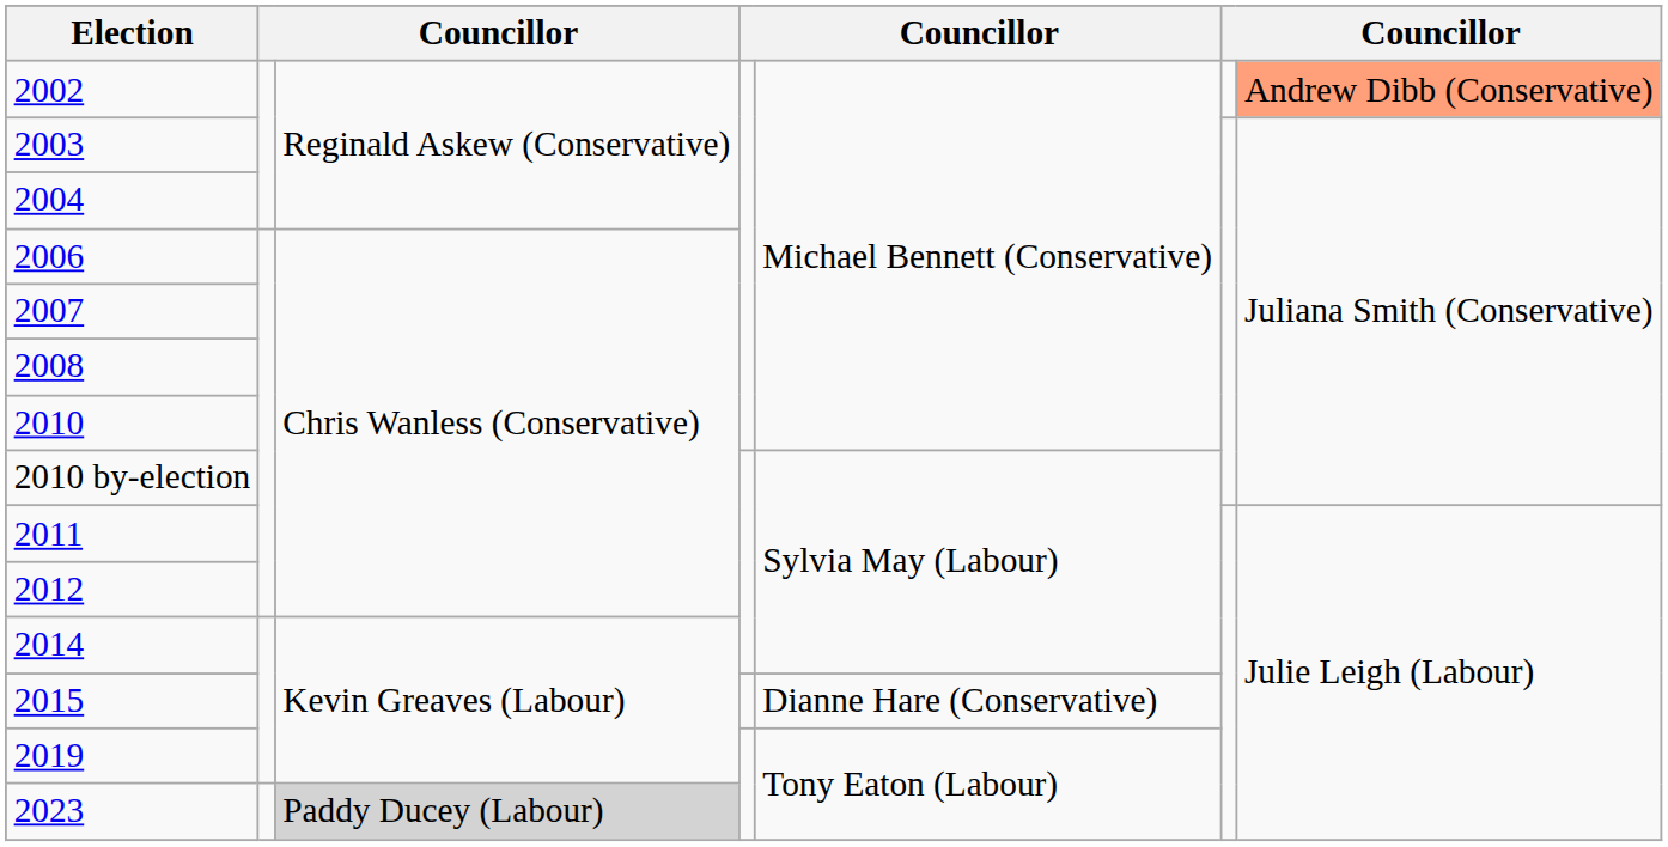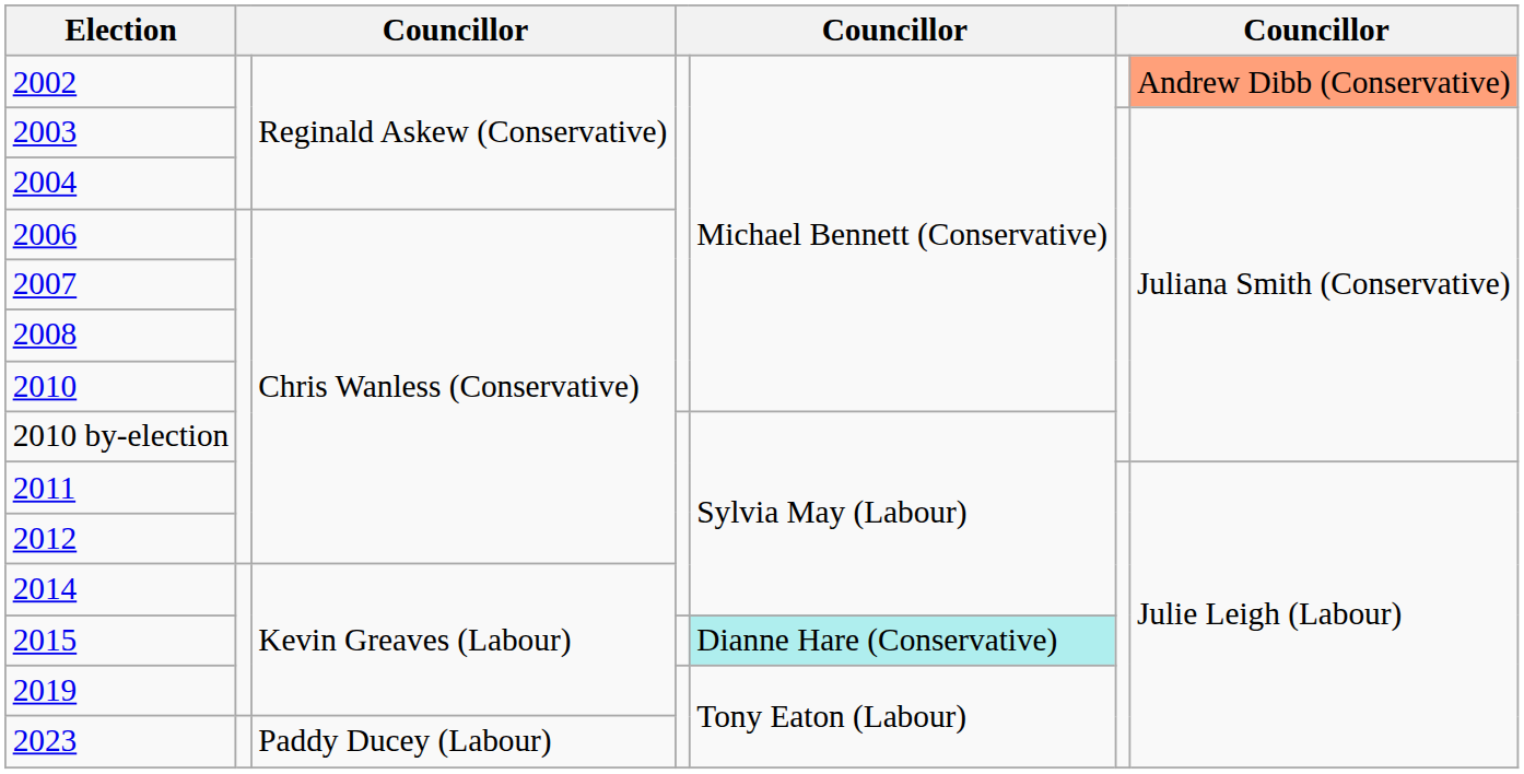 <table class="wikitable">
 <tr>
 <th>Election</th>
 <th colspan="2">Councillor</th>
 <th colspan="2">Councillor</th>
 <th colspan="2">Councillor</th>
 </tr>
 <tr>
 <td><a href='#'>2002</a></td>
 <td rowspan="3" style="background-color: "></td>
 <td rowspan="3">Reginald Askew (Conservative)</td>
 <td rowspan="7" style="background-color: "></td>
 <td rowspan="7">Michael Bennett (Conservative)</td>
 <td style="background-color: "></td>
 <td style="background: lightsalmon;">Andrew Dibb (Conservative)</td>
 </tr>
 <tr>
 <td><a href='#'>2003</a></td>
 <td rowspan="7" style="background-color: "></td>
 <td rowspan="7">Juliana Smith (Conservative)</td>
 </tr>
 <tr>
 <td><a href='#'>2004</a></td>
 </tr>
 <tr>
 <td><a href='#'>2006</a></td>
 <td rowspan="7" style="background-color: "></td>
 <td rowspan="7">Chris Wanless (Conservative)</td>
 </tr>
 <tr>
 <td><a href='#'>2007</a></td>
 </tr>
 <tr>
 <td><a href='#'>2008</a></td>
 </tr>
 <tr>
 <td><a href='#'>2010</a></td>
 </tr>
 <tr>
 <td>2010 by-election</td>
 <td rowspan="4" style="background-color: "></td>
 <td rowspan="4">Sylvia May (Labour)</td>
 </tr>
 <tr>
 <td><a href='#'>2011</a></td>
 <td rowspan="6" style="background-color: "></td>
 <td rowspan="6">Julie Leigh (Labour)</td>
 </tr>
 <tr>
 <td><a href='#'>2012</a></td>
 </tr>
 <tr>
 <td><a href='#'>2014</a></td>
 <td rowspan="3" style="background-color: "></td>
 <td rowspan="3">Kevin Greaves (Labour)</td>
 </tr>
 <tr>
 <td><a href='#'>2015</a></td>
 <td style="background-color: "></td>
-<td>Dianne Hare (Conservative)</td>
+<td style="background: paleturquoise;">Dianne Hare (Conservative)</td>
 </tr>
 <tr>
 <td><a href='#'>2019</a></td>
 <td rowspan="2" style="background-color: "></td>
 <td rowspan="3">Tony Eaton (Labour)</td>
 </tr>
 <tr>
 <td><a href='#'>2023</a></td>
 <td style="background-color: "></td>
-<td style="background: lightgrey;">Paddy Ducey (Labour)</td>
+<td>Paddy Ducey (Labour)</td>
 </tr>
 </table>
